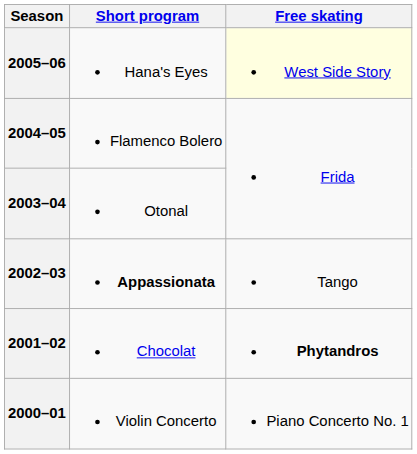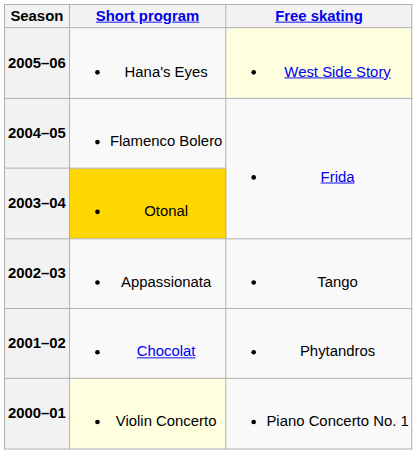 <table class="wikitable" style="text-align:center">
 <tr>
 <th>Season</th>
 <th><a href='#'>Short program</a></th>
 <th><a href='#'>Free skating</a></th>
 </tr>
 <tr>
 <th>2005–06 <br> </th>
 <td><br><ul><li>Hana's Eyes <br></li></ul></td>
 <td style="background: lightyellow;"><br><ul><li><a href='#'>West Side Story</a> <br></li></ul></td>
 </tr>
 <tr>
 <th>2004–05 <br> </th>
 <td><br><ul><li>Flamenco Bolero <br></li></ul></td>
 <td rowspan=2><br><ul><li><a href='#'>Frida</a> <br></li></ul></td>
 </tr>
 <tr>
 <th>2003–04 <br> </th>
-<td><br><ul><li>Otonal <br></li></ul></td>
+<td style="background: gold;"><br><ul><li>Otonal <br></li></ul></td>
 </tr>
 <tr>
 <th>2002–03 <br> </th>
-<td><strong><br><ul><li>Appassionata <br></li></ul></strong></td>
+<td><br><ul><li>Appassionata <br></li></ul></td>
 <td><br><ul><li>Tango <br></li></ul></td>
 </tr>
 <tr>
 <th>2001–02 <br> </th>
 <td><br><ul><li><a href='#'>Chocolat</a> <br></li></ul></td>
-<td><strong><br><ul><li>Phytandros <br></li></ul></strong></td>
+<td><br><ul><li>Phytandros <br></li></ul></td>
 </tr>
 <tr>
 <th>2000–01 <br> </th>
-<td><br><ul><li>Violin Concerto <br></li></ul></td>
+<td style="background: lightyellow;"><br><ul><li>Violin Concerto <br></li></ul></td>
 <td><br><ul><li>Piano Concerto No. 1 <br></li></ul></td>
 </tr>
 </table>
